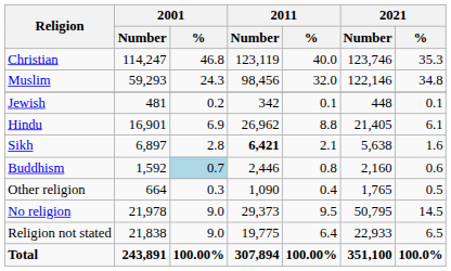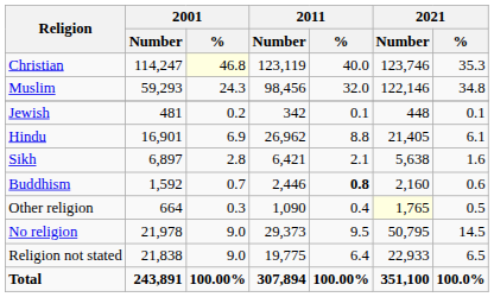 <table class="wikitable sortable" style="text-align:right">
 <tr>
 <th rowspan="2">Religion</th>
 <th colspan="2">2001</th>
 <th colspan="2">2011</th>
 <th colspan="2">2021</th>
 </tr>
 <tr>
 <th>Number</th>
 <th>%</th>
 <th>Number</th>
 <th>%</th>
 <th>Number</th>
 <th>%</th>
 </tr>
 <tr>
 <td style="text-align:left"><a href='#'>Christian</a></td>
 <td>114,247</td>
-<td>46.8</td>
+<td style="background: lightyellow;">46.8</td>
 <td>123,119</td>
 <td>40.0</td>
 <td>123,746</td>
 <td>35.3</td>
 </tr>
 <tr>
 <td style="text-align:left"><a href='#'>Muslim</a></td>
 <td>59,293</td>
 <td>24.3</td>
 <td>98,456</td>
 <td>32.0</td>
 <td>122,146</td>
 <td>34.8</td>
 </tr>
 <tr>
 </tr>
 <tr>
 <td style="text-align:left"><a href='#'>Jewish</a></td>
 <td>481</td>
 <td>0.2</td>
 <td>342</td>
 <td>0.1</td>
 <td>448</td>
 <td>0.1</td>
 </tr>
 <tr>
 <td style="text-align:left"><a href='#'>Hindu</a></td>
 <td>16,901</td>
 <td>6.9</td>
 <td>26,962</td>
 <td>8.8</td>
 <td>21,405</td>
 <td>6.1</td>
 </tr>
 <tr>
 <td style="text-align:left"><a href='#'>Sikh</a></td>
 <td>6,897</td>
 <td>2.8</td>
-<td><strong>6,421</strong></td>
+<td>6,421</td>
 <td>2.1</td>
 <td>5,638</td>
 <td>1.6</td>
 </tr>
 <tr>
 <td style="text-align:left"><a href='#'>Buddhism</a></td>
 <td>1,592</td>
-<td style="background: lightblue;">0.7</td>
+<td>0.7</td>
 <td>2,446</td>
-<td>0.8</td>
+<td><strong>0.8</strong></td>
 <td>2,160</td>
 <td>0.6</td>
 </tr>
 <tr>
 <td style="text-align:left">Other religion</td>
 <td>664</td>
 <td>0.3</td>
 <td>1,090</td>
 <td>0.4</td>
-<td>1,765</td>
+<td style="background: lightyellow;">1,765</td>
 <td>0.5</td>
 </tr>
 <tr>
 <td style="text-align:left"><a href='#'>No religion</a></td>
 <td>21,978</td>
 <td>9.0</td>
 <td>29,373</td>
 <td>9.5</td>
 <td>50,795</td>
 <td>14.5</td>
 </tr>
 <tr>
 <td style="text-align:left">Religion not stated</td>
 <td>21,838</td>
 <td>9.0</td>
 <td>19,775</td>
 <td>6.4</td>
 <td>22,933</td>
 <td>6.5</td>
 </tr>
 <tr style="font-weight:bold;">
 <td style="text-align:left">Total</td>
 <td>243,891</td>
 <td>100.00%</td>
 <td>307,894</td>
 <td>100.00%</td>
 <td>351,100</td>
 <td>100.0%</td>
 </tr>
 </table>
